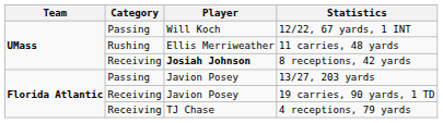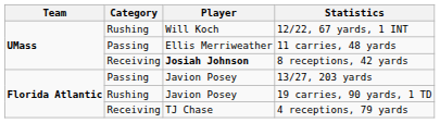 <table class="wikitable" style="float: left;">
 <tr>
 <th>Team</th>
 <th>Category</th>
 <th>Player</th>
 <th>Statistics</th>
 </tr>
 <tr>
 <td rowspan=3><strong>UMass</strong></td>
-<td>Passing</td>
+<td>Rushing</td>
 <td>Will Koch</td>
 <td>12/22, 67 yards, 1 INT</td>
 </tr>
 <tr>
-<td>Rushing</td>
+<td>Passing</td>
 <td>Ellis Merriweather</td>
 <td>11 carries, 48 yards</td>
 </tr>
 <tr>
 <td>Receiving</td>
 <td><strong>Josiah Johnson</strong></td>
 <td>8 receptions, 42 yards</td>
 </tr>
 <tr>
 <td rowspan=3><strong>Florida Atlantic</strong></td>
 <td>Passing</td>
 <td>Javion Posey</td>
 <td>13/27, 203 yards</td>
 </tr>
 <tr>
-<td>Receiving</td>
+<td>Rushing</td>
 <td>Javion Posey</td>
 <td>19 carries, 90 yards, 1 TD</td>
 </tr>
 <tr>
 <td>Receiving</td>
 <td>TJ Chase</td>
 <td>4 receptions, 79 yards</td>
 </tr>
 </table>
